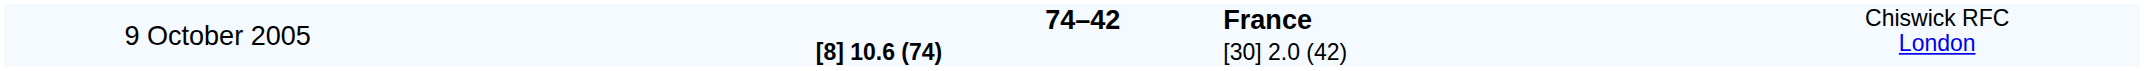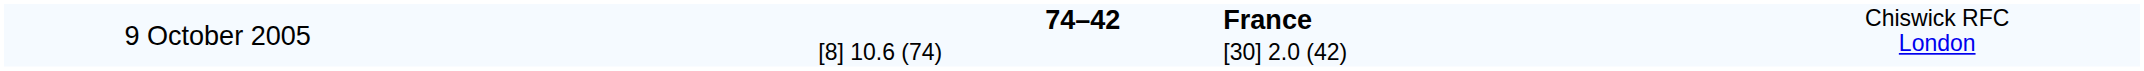 <table style="width: 100%; background:#F5FAFF;" cellspacing="0">
 <tr>
 <td align=center rowspan=3 width=20%>9 October 2005</td>
 </tr>
 <tr>
 <td width=24% align=right></td>
 <td align=center width=13%><strong>74–42</strong></td>
 <td width=24%><strong>France</strong></td>
 <td style=font-size:85% rowspan=3 valign=top align=center>Chiswick RFC<br><a href='#'>London</a></td>
 </tr>
 <tr style=font-size:85%>
-<td align=right><strong>[8] 10.6 (74)</strong></td>
+<td align=right>[8] 10.6 (74)</td>
 <td></td>
 <td>[30] 2.0 (42)</td>
 </tr>
 </table>
